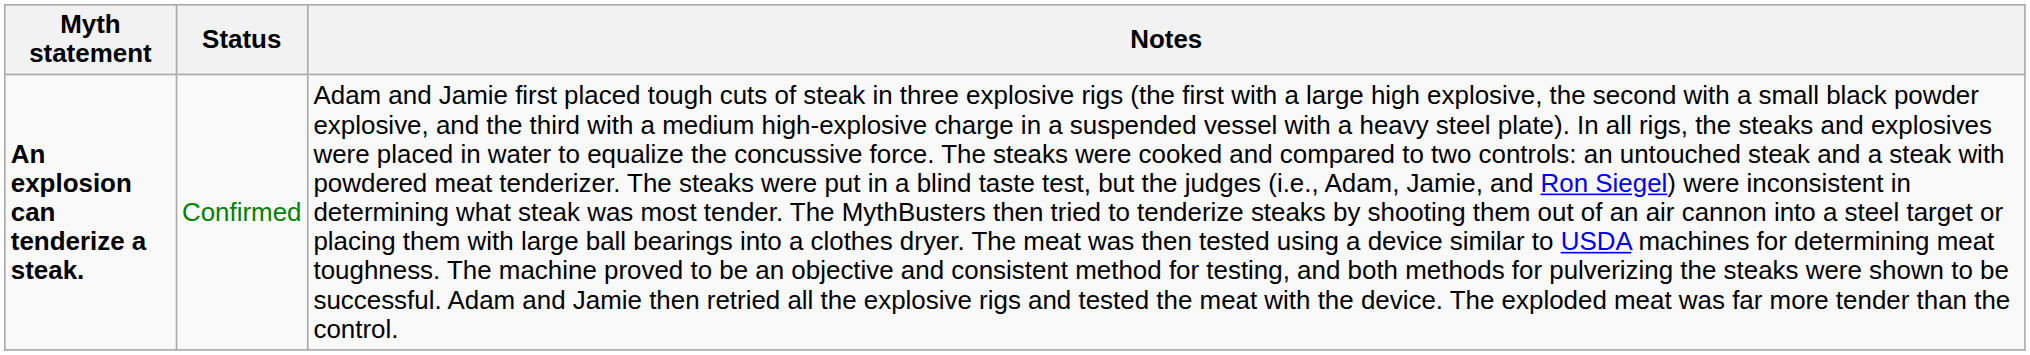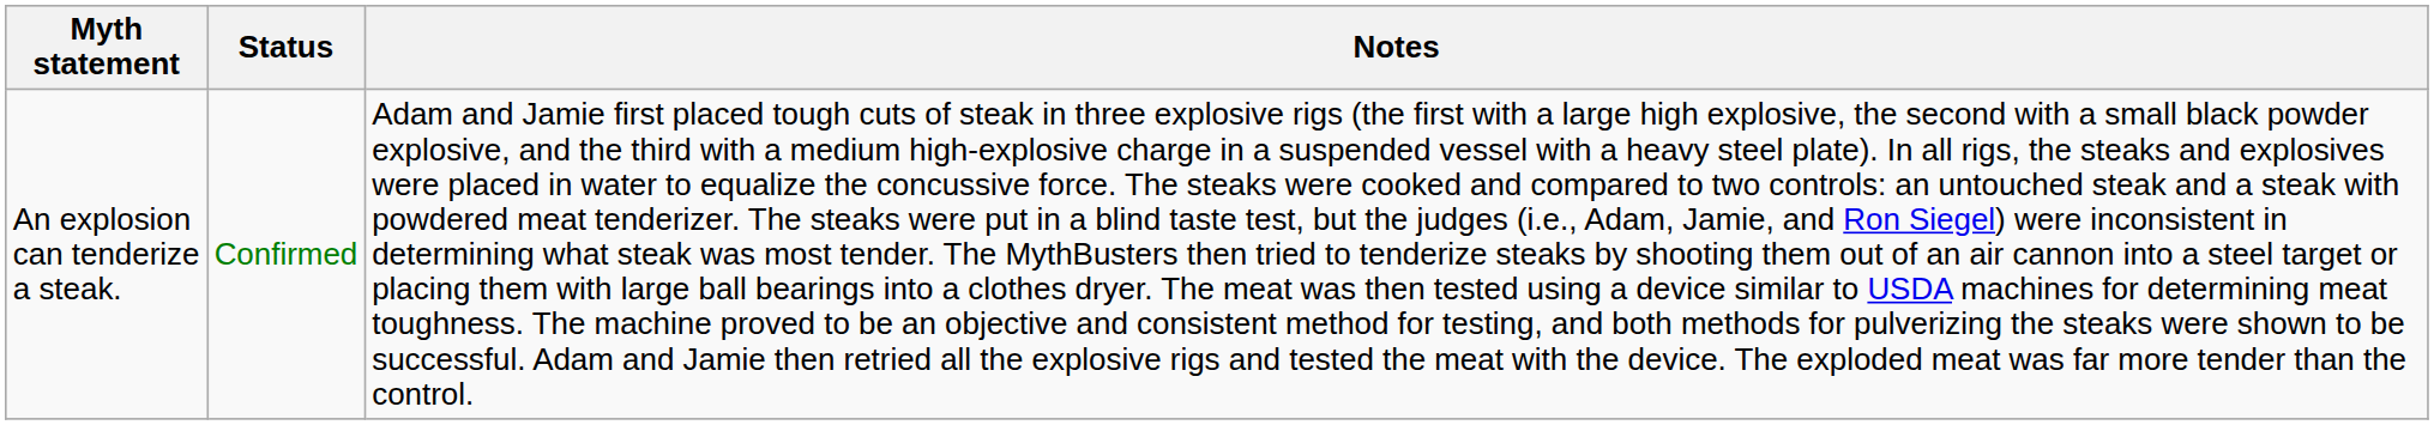 <table class="wikitable plainrowheaders">
 <tr>
 <th>Myth statement</th>
 <th>Status</th>
 <th>Notes</th>
 </tr>
 <tr>
-<td><strong>An explosion can tenderize a steak.</strong></td>
+<td>An explosion can tenderize a steak.</td>
 <td style="color:green">Confirmed</td>
 <td>Adam and Jamie first placed tough cuts of steak in three explosive rigs (the first with a large high explosive, the second with a small black powder explosive, and the third with a medium high-explosive charge in a suspended vessel with a heavy steel plate). In all rigs, the steaks and explosives were placed in water to equalize the concussive force. The steaks were cooked and compared to two controls: an untouched steak and a steak with powdered meat tenderizer. The steaks were put in a blind taste test, but the judges (i.e., Adam, Jamie, and <a href='#'>Ron Siegel</a>) were inconsistent in determining what steak was most tender. The MythBusters then tried to tenderize steaks by shooting them out of an air cannon into a steel target or placing them with large ball bearings into a clothes dryer. The meat was then tested using a device similar to <a href='#'>USDA</a> machines for determining meat toughness. The machine proved to be an objective and consistent method for testing, and both methods for pulverizing the steaks were shown to be successful. Adam and Jamie then retried all the explosive rigs and tested the meat with the device. The exploded meat was far more tender than the control.</td>
 </tr>
 </table>
